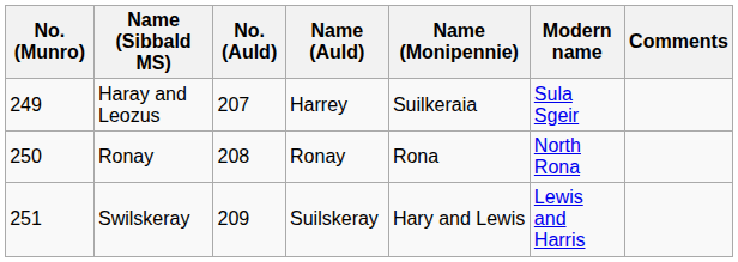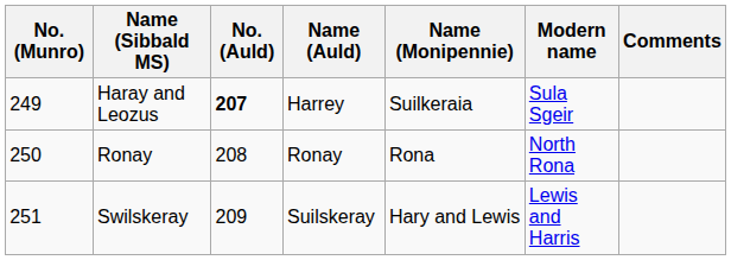 <table class="wikitable sortable">
 <tr>
 <th>No. (Munro)</th>
 <th>Name (Sibbald MS)</th>
 <th>No. (Auld)</th>
 <th>Name (Auld)</th>
 <th>Name (Monipennie)</th>
 <th>Modern name</th>
 <th>Comments</th>
 </tr>
 <tr>
 <td>249</td>
 <td>Haray and Leozus</td>
-<td>207</td>
+<td><strong>207</strong></td>
 <td>Harrey</td>
 <td>Suilkeraia</td>
 <td><a href='#'>Sula Sgeir</a></td>
 <td></td>
 </tr>
 <tr>
 <td>250</td>
 <td>Ronay</td>
 <td>208</td>
 <td>Ronay</td>
 <td>Rona</td>
 <td><a href='#'>North Rona</a></td>
 <td></td>
 </tr>
 <tr>
 <td>251</td>
 <td>Swilskeray</td>
 <td>209</td>
 <td>Suilskeray</td>
 <td>Hary and Lewis</td>
 <td><a href='#'>Lewis and Harris</a></td>
 <td></td>
 </tr>
 <tr>
 </tr>
 </table>
